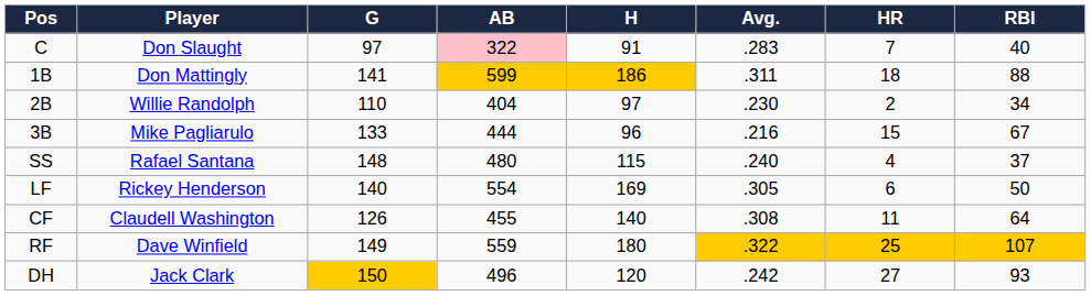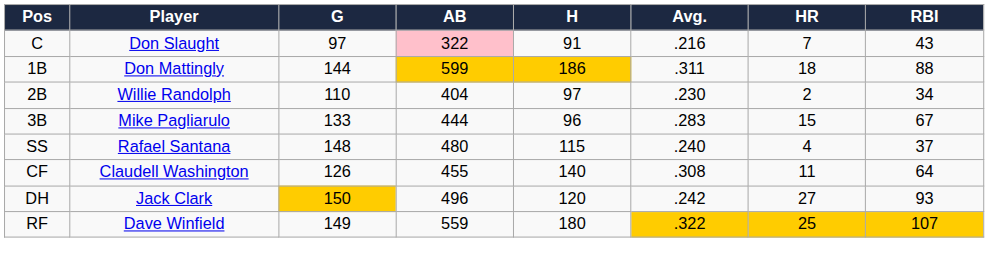 <table class="wikitable sortable">
 <tr>
 <th style="background:#1c2841;color:white;" width="5%">Pos</th>
 <th style="background:#1c2841;color:white;" width="16%">Player</th>
 <th style="background:#1c2841;color:white;" width="9%">G</th>
 <th style="background:#1c2841;color:white;" width="9%">AB</th>
 <th style="background:#1c2841;color:white;" width="9%">H</th>
 <th style="background:#1c2841;color:white;" width="9%">Avg.</th>
 <th style="background:#1c2841;color:white;" width="9%">HR</th>
 <th style="background:#1c2841;color:white;" width="9%">RBI</th>
 </tr>
 <tr align="center">
 <td>C</td>
 <td><a href='#'>Don Slaught</a></td>
 <td>97</td>
 <td style="background: pink;">322</td>
 <td>91</td>
-<td>.283</td>
+<td>.216</td>
 <td>7</td>
-<td>40</td>
+<td>43</td>
 </tr>
 <tr align="center">
 <td>1B</td>
 <td><a href='#'>Don Mattingly</a></td>
-<td>141</td>
+<td>144</td>
 <td style="background:#fc0;">599</td>
 <td style="background:#fc0;">186</td>
 <td>.311</td>
 <td>18</td>
 <td>88</td>
 </tr>
 <tr align="center">
 <td>2B</td>
 <td><a href='#'>Willie Randolph</a></td>
 <td>110</td>
 <td>404</td>
 <td>97</td>
 <td>.230</td>
 <td>2</td>
 <td>34</td>
 </tr>
 <tr align="center">
 <td>3B</td>
 <td><a href='#'>Mike Pagliarulo</a></td>
 <td>133</td>
 <td>444</td>
 <td>96</td>
-<td>.216</td>
+<td>.283</td>
 <td>15</td>
 <td>67</td>
 </tr>
 <tr align="center">
 <td>SS</td>
 <td><a href='#'>Rafael Santana</a></td>
 <td>148</td>
 <td>480</td>
 <td>115</td>
 <td>.240</td>
 <td>4</td>
 <td>37</td>
 </tr>
 <tr align="center">
-<td>LF</td>
-<td><a href='#'>Rickey Henderson</a></td>
-<td>140</td>
-<td>554</td>
-<td>169</td>
-<td>.305</td>
-<td>6</td>
-<td>50</td>
-</tr>
-<tr align="center">
 <td>CF</td>
 <td><a href='#'>Claudell Washington</a></td>
 <td>126</td>
 <td>455</td>
 <td>140</td>
 <td>.308</td>
 <td>11</td>
 <td>64</td>
+</tr>
+<tr align="center">
+<td>DH</td>
+<td><a href='#'>Jack Clark</a></td>
+<td style="background:#fc0;">150</td>
+<td>496</td>
+<td>120</td>
+<td>.242</td>
+<td>27</td>
+<td>93</td>
 </tr>
 <tr align="center">
 <td>RF</td>
 <td><a href='#'>Dave Winfield</a></td>
 <td>149</td>
 <td>559</td>
 <td>180</td>
 <td style="background:#fc0;">.322</td>
 <td style="background:#fc0;">25</td>
 <td style="background:#fc0;">107</td>
 </tr>
-<tr align="center">
-<td>DH</td>
-<td><a href='#'>Jack Clark</a></td>
-<td style="background:#fc0;">150</td>
-<td>496</td>
-<td>120</td>
-<td>.242</td>
-<td>27</td>
-<td>93</td>
-</tr>
 </table>
